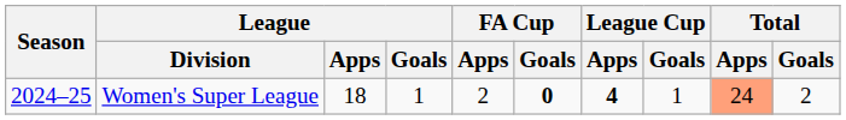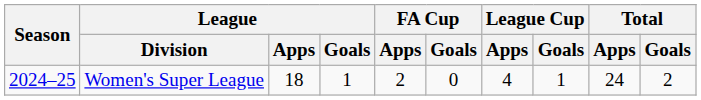 <table class="wikitable" style="text-align: center;">
 <tr>
 <th rowspan="2">Season</th>
 <th colspan="3">League</th>
 <th colspan="2">FA Cup</th>
 <th colspan="2">League Cup</th>
 <th colspan="2">Total</th>
 </tr>
 <tr>
 <th>Division</th>
 <th>Apps</th>
 <th>Goals</th>
 <th>Apps</th>
 <th>Goals</th>
 <th>Apps</th>
 <th>Goals</th>
 <th>Apps</th>
 <th>Goals</th>
 </tr>
 <tr>
 <td><a href='#'>2024–25</a></td>
 <td><a href='#'>Women's Super League</a></td>
 <td>18</td>
 <td>1</td>
 <td>2</td>
-<td><strong>0</strong></td>
-<td><strong>4</strong></td>
+<td>0</td>
+<td>4</td>
 <td>1</td>
-<td style="background: lightsalmon;">24</td>
+<td>24</td>
 <td>2</td>
 </tr>
 </table>
